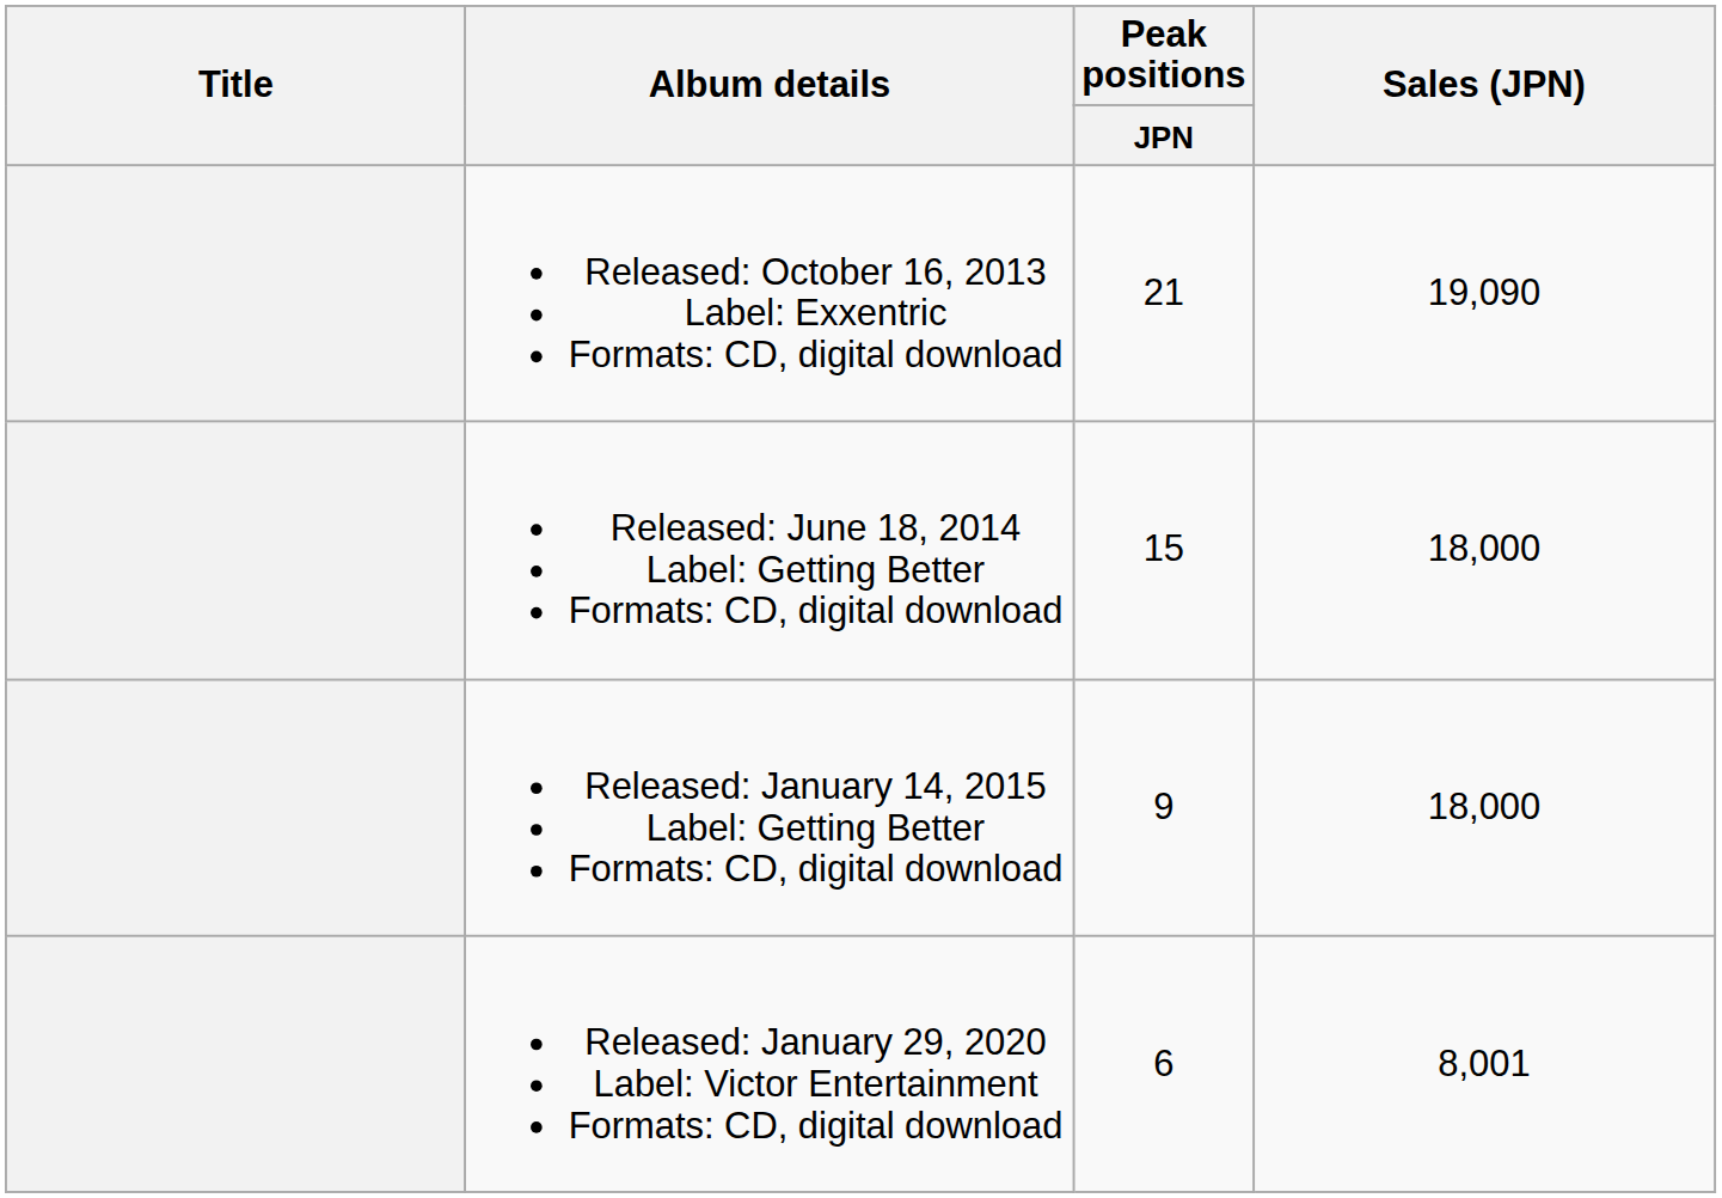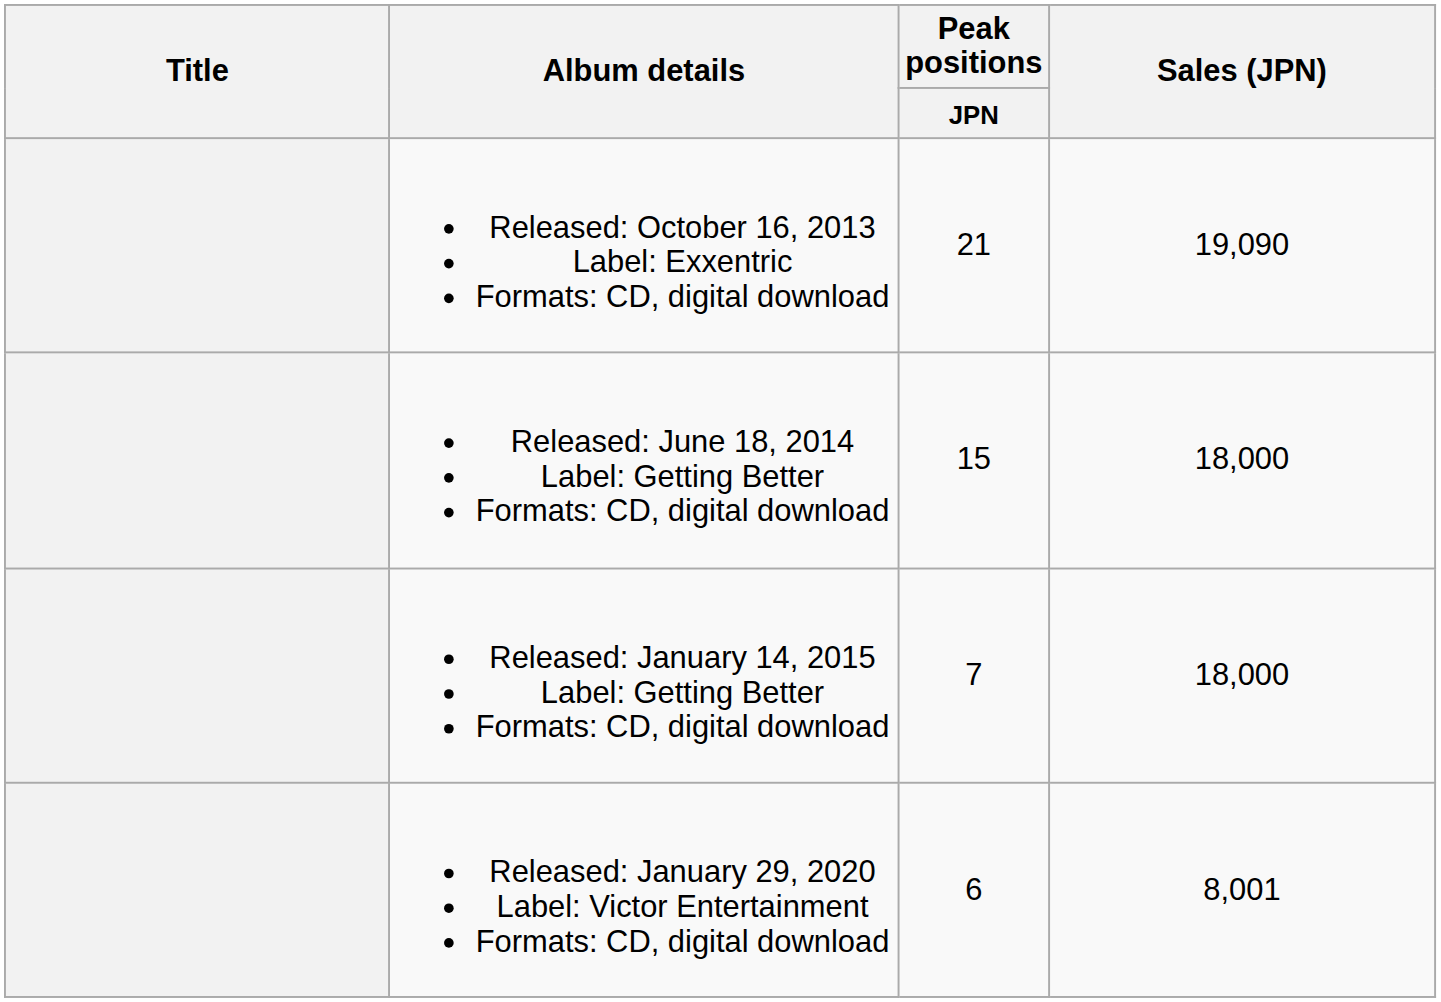 <table class="wikitable plainrowheaders" style="text-align:center;">
 <tr>
 <th style="width:12em;" rowspan="2">Title</th>
 <th style="width:16em;" rowspan="2">Album details</th>
 <th colspan="1">Peak positions</th>
 <th style="width:12em;" rowspan="2">Sales (JPN)</th>
 </tr>
 <tr>
 <th style="width:2.5em;"><small>JPN</small><br></th>
 </tr>
 <tr>
 <th scope="row"></th>
 <td><br><ul><li>Released: October 16, 2013 </li><li>Label: Exxentric</li><li>Formats: CD, digital download</li></ul></td>
 <td>21</td>
 <td>19,090</td>
 </tr>
 <tr>
 <th scope="row"></th>
 <td><br><ul><li>Released: June 18, 2014 </li><li>Label: Getting Better</li><li>Formats: CD, digital download</li></ul></td>
 <td>15</td>
 <td>18,000</td>
 </tr>
 <tr>
 <th scope="row"></th>
 <td><br><ul><li>Released: January 14, 2015 </li><li>Label: Getting Better</li><li>Formats: CD, digital download</li></ul></td>
-<td>9</td>
+<td>7</td>
 <td>18,000</td>
 </tr>
 <tr>
 <th scope="row"></th>
 <td><br><ul><li>Released: January 29, 2020 </li><li>Label: Victor Entertainment</li><li>Formats: CD, digital download</li></ul></td>
 <td>6</td>
 <td>8,001</td>
 </tr>
 </table>
